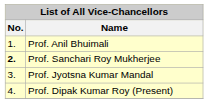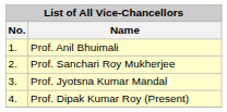 <table class="wikitable mw-collapsible mw-collapsed" style="margin-left:1em; font-size:100%; background:#ffc; color:black; width:20em; max-width:30%;"  cellspacing="0" cellpadding="0">
 <tr>
 <th style="background:#ccc;" colspan="2">List of All Vice-Chancellors</th>
 </tr>
 <tr>
 <th scope="col" style="width: 5%;">No.</th>
 <th scope="col" style="width: 95%;">Name</th>
 </tr>
 <tr>
 <td>1.</td>
 <td>Prof. Anil Bhuimali</td>
 </tr>
 <tr>
-<td><strong>2.</strong></td>
+<td>2.</td>
 <td>Prof. Sanchari Roy Mukherjee</td>
 </tr>
 <tr>
 <td>3.</td>
 <td>Prof. Jyotsna Kumar Mandal</td>
 </tr>
 <tr>
 <td>4.</td>
 <td>Prof. Dipak Kumar Roy (Present)</td>
 </tr>
 <tr>
 </tr>
 </table>
